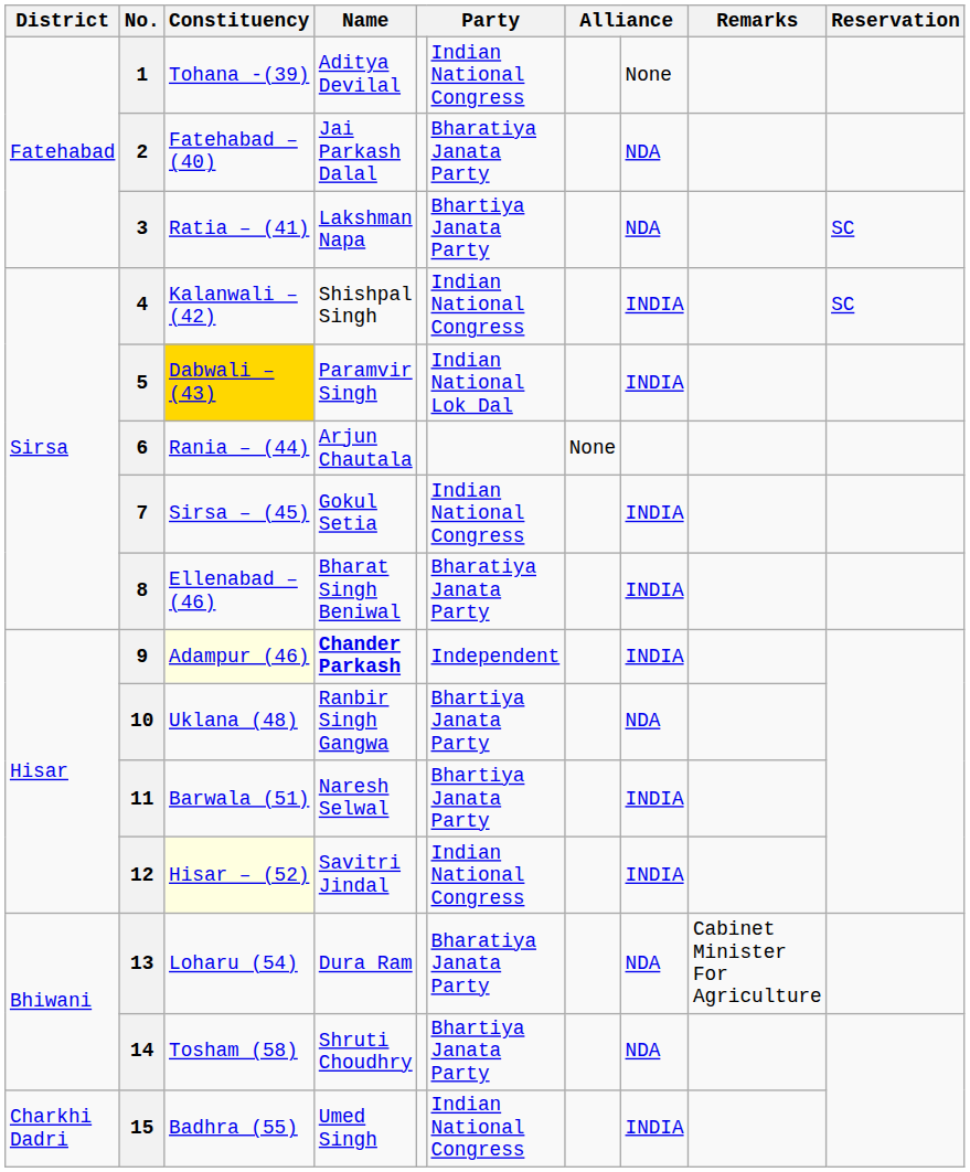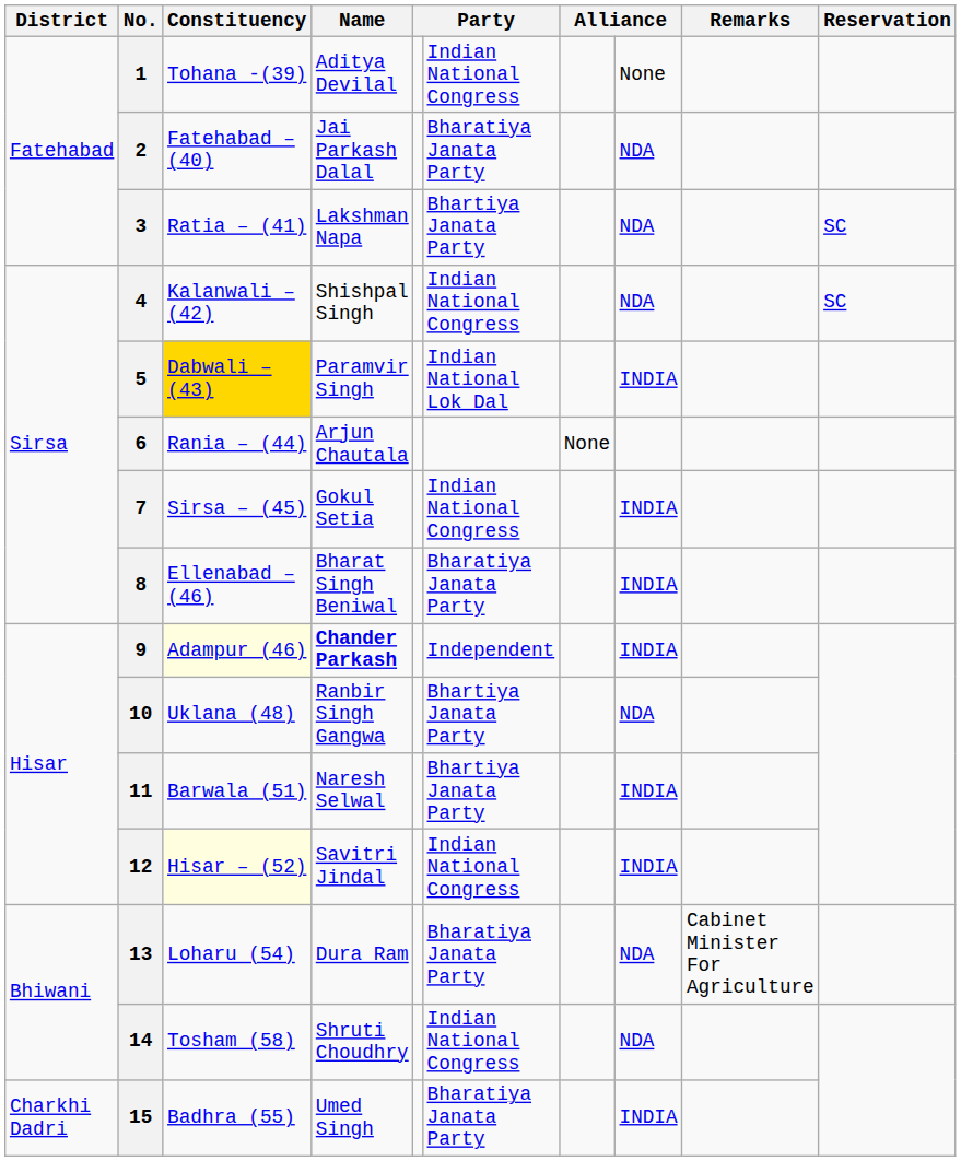 <table class="wikitable sortable">
 <tr>
 <th>District</th>
 <th>No.</th>
 <th>Constituency</th>
 <th>Name</th>
 <th colspan="2">Party</th>
 <th colspan="2">Alliance</th>
 <th>Remarks</th>
 <th>Reservation</th>
 </tr>
 <tr>
 <td rowspan="3"><a href='#'>Fatehabad</a></td>
 <th>1</th>
 <td><a href='#'>Tohana -(39)</a></td>
 <td><a href='#'>Aditya Devilal</a></td>
 <td bgcolor=></td>
 <td><a href='#'>Indian National Congress</a></td>
 <td style="background-color: "></td>
 <td>None</td>
 <td></td>
 <td></td>
 </tr>
 <tr>
 <th>2</th>
 <td><a href='#'>Fatehabad – (40)</a></td>
 <td><a href='#'>Jai Parkash Dalal</a></td>
 <td bgcolor=></td>
 <td><a href='#'>Bharatiya Janata Party</a></td>
 <td style="background-color: "></td>
 <td><a href='#'>NDA</a></td>
 <td></td>
 <td></td>
 </tr>
 <tr>
 <th>3</th>
 <td><a href='#'>Ratia – (41)</a></td>
 <td><a href='#'>Lakshman Napa</a></td>
 <td bgcolor=></td>
 <td><a href='#'>Bhartiya Janata Party</a></td>
 <td style="background-color: "></td>
 <td><a href='#'>NDA</a></td>
 <td></td>
 <td><a href='#'>SC</a></td>
 </tr>
 <tr>
 <td rowspan="5"><a href='#'>Sirsa</a></td>
 <th>4</th>
 <td><a href='#'>Kalanwali – (42)</a></td>
 <td>Shishpal Singh</td>
 <td bgcolor=></td>
 <td><a href='#'>Indian National Congress</a></td>
 <td style="background-color: "></td>
-<td><a href='#'>INDIA</a></td>
+<td><a href='#'>NDA</a></td>
 <td></td>
 <td><a href='#'>SC</a></td>
 </tr>
 <tr>
 <th>5</th>
 <td style="background: gold;"><a href='#'>Dabwali – (43)</a></td>
 <td><a href='#'>Paramvir Singh</a></td>
 <td bgcolor=></td>
 <td><a href='#'>Indian National Lok Dal</a></td>
 <td></td>
 <td><a href='#'>INDIA</a></td>
 <td></td>
 <td></td>
 </tr>
 <tr>
 <th>6</th>
 <td><a href='#'>Rania – (44)</a></td>
 <td><a href='#'>Arjun Chautala</a></td>
 <td></td>
 <td></td>
 <td>None</td>
 <td></td>
 <td></td>
 </tr>
 <tr>
 <th>7</th>
 <td><a href='#'>Sirsa – (45)</a></td>
 <td><a href='#'>Gokul Setia</a></td>
 <td bgcolor=></td>
 <td><a href='#'>Indian National Congress</a></td>
 <td style="background-color: "></td>
 <td><a href='#'>INDIA</a></td>
 <td></td>
 <td></td>
 </tr>
 <tr>
 <th>8</th>
 <td><a href='#'>Ellenabad – (46)</a></td>
 <td><a href='#'>Bharat Singh Beniwal</a></td>
 <td bgcolor=></td>
 <td><a href='#'>Bharatiya Janata Party</a></td>
 <td style="background-color: "></td>
 <td><a href='#'>INDIA</a></td>
 <td></td>
 <td></td>
 </tr>
 <tr>
 <td rowspan="4"><a href='#'>Hisar</a></td>
 <th>9</th>
 <td style="background: lightyellow;"><a href='#'>Adampur (46)</a></td>
 <td><strong><a href='#'>Chander Parkash</a></strong></td>
 <td bgcolor=></td>
 <td><a href='#'>Independent</a></td>
 <td style="background-color: "></td>
 <td><a href='#'>INDIA</a></td>
 <td></td>
 </tr>
 <tr>
 <th>10</th>
 <td><a href='#'>Uklana (48)</a></td>
 <td><a href='#'>Ranbir Singh Gangwa</a></td>
 <td bgcolor=></td>
 <td><a href='#'>Bhartiya Janata Party</a></td>
 <td style="background-color: "></td>
 <td><a href='#'>NDA</a></td>
 <td></td>
 </tr>
 <tr>
 <th>11</th>
 <td><a href='#'>Barwala (51)</a></td>
 <td><a href='#'>Naresh Selwal</a></td>
 <td bgcolor=></td>
 <td><a href='#'>Bhartiya Janata Party</a></td>
 <td style="background-color: "></td>
 <td><a href='#'>INDIA</a></td>
 <td></td>
 </tr>
 <tr>
 <th>12</th>
 <td style="background: lightyellow;"><a href='#'>Hisar – (52)</a></td>
 <td><a href='#'>Savitri Jindal</a></td>
 <td bgcolor=></td>
 <td><a href='#'>Indian National Congress</a></td>
 <td style="background-color: "></td>
 <td><a href='#'>INDIA</a></td>
 <td></td>
 </tr>
 <tr>
 <td rowspan="2"><a href='#'>Bhiwani</a></td>
 <th>13</th>
 <td><a href='#'>Loharu (54)</a></td>
 <td><a href='#'>Dura Ram</a></td>
 <td bgcolor=></td>
 <td><a href='#'>Bharatiya Janata Party</a></td>
 <td style="background-color: "></td>
 <td><a href='#'>NDA</a></td>
 <td>Cabinet Minister For Agriculture</td>
 <td></td>
 </tr>
 <tr>
 <th>14</th>
 <td><a href='#'>Tosham (58)</a></td>
 <td><a href='#'>Shruti Choudhry</a></td>
 <td bgcolor=></td>
-<td><a href='#'>Bhartiya Janata Party</a></td>
+<td><a href='#'>Indian National Congress</a></td>
 <td style="background-color:"></td>
 <td><a href='#'>NDA</a></td>
 <td></td>
 </tr>
 <tr>
 <td rowspan="1"><a href='#'>Charkhi Dadri</a></td>
 <th>15</th>
 <td><a href='#'>Badhra (55)</a></td>
 <td><a href='#'>Umed Singh</a></td>
 <td bgcolor=></td>
-<td><a href='#'>Indian National Congress</a></td>
+<td><a href='#'>Bharatiya Janata Party</a></td>
 <td style="background-color: "></td>
 <td><a href='#'>INDIA</a></td>
 <td></td>
 </tr>
 </table>
